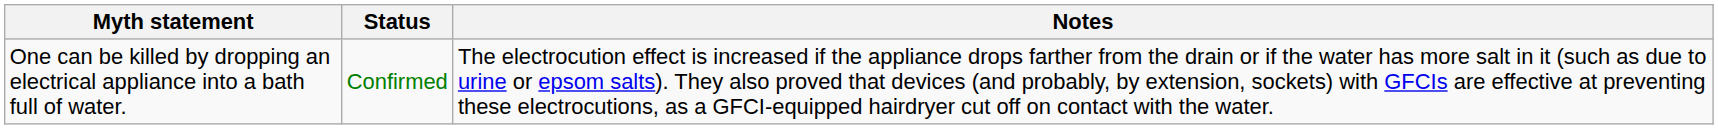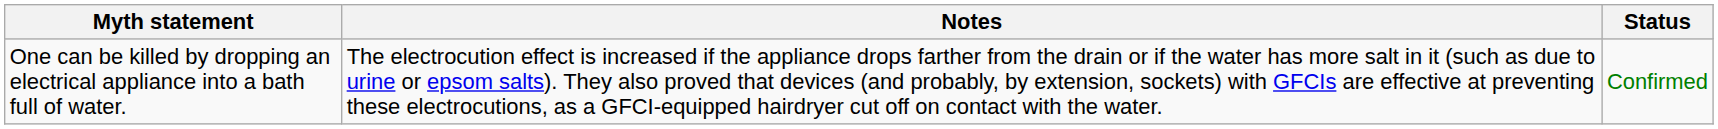 <table class="wikitable plainrowheaders">
 <tr>
 <th>Myth statement</th>
+<th>Notes</th>
 <th>Status</th>
-<th>Notes</th>
 </tr>
 <tr>
 <td>One can be killed by dropping an electrical appliance into a bath full of water.</td>
+<td>The electrocution effect is increased if the appliance drops farther from the drain or if the water has more salt in it (such as due to <a href='#'>urine</a> or <a href='#'>epsom salts</a>). They also proved that devices (and probably, by extension, sockets) with <a href='#'>GFCIs</a> are effective at preventing these electrocutions, as a GFCI-equipped hairdryer cut off on contact with the water.</td>
 <td style="color:green">Confirmed</td>
-<td>The electrocution effect is increased if the appliance drops farther from the drain or if the water has more salt in it (such as due to <a href='#'>urine</a> or <a href='#'>epsom salts</a>). They also proved that devices (and probably, by extension, sockets) with <a href='#'>GFCIs</a> are effective at preventing these electrocutions, as a GFCI-equipped hairdryer cut off on contact with the water.</td>
 </tr>
 </table>
